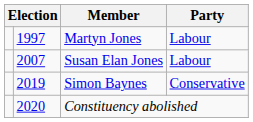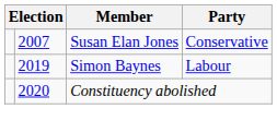 <table class="wikitable">
 <tr>
 <th colspan="2">Election</th>
 <th>Member</th>
 <th>Party</th>
 </tr>
 <tr>
 <td style="color:inherit;background-color: "></td>
-<td><a href='#'>1997</a></td>
-<td><a href='#'>Martyn Jones</a></td>
-<td><a href='#'>Labour</a></td>
-</tr>
-<tr>
-<td style="color:inherit;background-color: "></td>
 <td><a href='#'>2007</a></td>
 <td><a href='#'>Susan Elan Jones</a></td>
-<td><a href='#'>Labour</a></td>
+<td><a href='#'>Conservative</a></td>
 </tr>
 <tr>
 <td style="color:inherit;background-color: "></td>
 <td><a href='#'>2019</a></td>
 <td><a href='#'>Simon Baynes</a></td>
-<td><a href='#'>Conservative</a></td>
+<td><a href='#'>Labour</a></td>
 </tr>
 <tr>
 <td></td>
 <td><a href='#'>2020</a></td>
 <td colspan="2"><em>Constituency abolished</em></td>
 </tr>
 </table>
